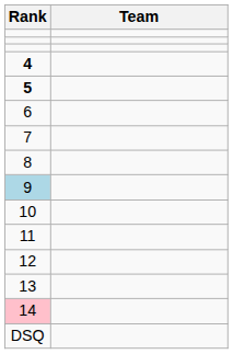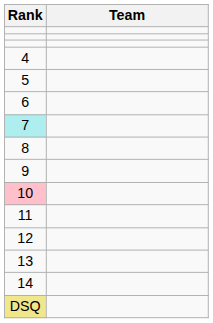 <table class="wikitable" style="text-align:center;">
 <tr>
 <th>Rank</th>
 <th width=175>Team</th>
 </tr>
 <tr>
 <td></td>
 <td align=left></td>
 </tr>
 <tr>
 <td></td>
 <td align=left></td>
 </tr>
 <tr>
 <td></td>
 <td align=left></td>
 </tr>
 <tr>
-<td><strong>4</strong></td>
+<td>4</td>
 <td align=left></td>
 </tr>
 <tr>
-<td><strong>5</strong></td>
+<td>5</td>
 <td align=left></td>
 </tr>
 <tr>
 <td>6</td>
 <td align=left></td>
 </tr>
 <tr>
-<td>7</td>
+<td style="background: paleturquoise;">7</td>
 <td align=left></td>
 </tr>
 <tr>
 <td>8</td>
 <td align=left></td>
 </tr>
 <tr>
-<td style="background: lightblue;">9</td>
+<td>9</td>
 <td align=left></td>
 </tr>
 <tr>
-<td>10</td>
+<td style="background: pink;">10</td>
 <td align=left></td>
 </tr>
 <tr>
 <td>11</td>
 <td align=left></td>
 </tr>
 <tr>
 <td>12</td>
 <td align=left></td>
 </tr>
 <tr>
 <td>13</td>
 <td align=left></td>
 </tr>
 <tr>
-<td style="background: pink;">14</td>
+<td>14</td>
 <td align=left></td>
 </tr>
 <tr>
-<td>DSQ</td>
+<td style="background: khaki;">DSQ</td>
 <td align=left></td>
 </tr>
 </table>
